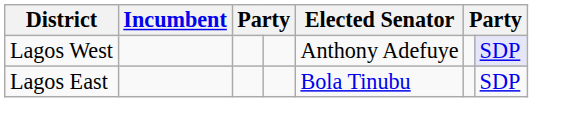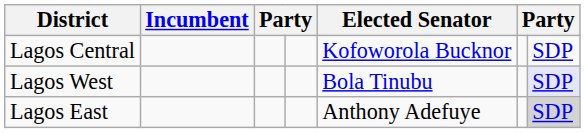 <table class="sortable wikitable" style="font-size:95%;line-height:14px;">
 <tr>
 <th class="unsortable">District</th>
 <th class="unsortable"><a href='#'>Incumbent</a></th>
 <th colspan="2">Party</th>
 <th class="unsortable">Elected Senator</th>
 <th colspan="2">Party</th>
 </tr>
 <tr>
+<td>Lagos Central</td>
+<td></td>
+<td></td>
+<td></td>
+<td><a href='#'>Kofoworola Bucknor</a></td>
+<td style="background:"></td>
+<td><a href='#'>SDP</a></td>
+</tr>
+<tr>
 <td>Lagos West</td>
 <td></td>
 <td></td>
 <td></td>
-<td>Anthony Adefuye</td>
+<td><a href='#'>Bola Tinubu</a></td>
 <td style="background:"></td>
 <td style="background: lavender;"><a href='#'>SDP</a></td>
 </tr>
 <tr>
 <td>Lagos East</td>
 <td></td>
 <td></td>
 <td></td>
-<td><a href='#'>Bola Tinubu</a></td>
+<td>Anthony Adefuye</td>
 <td style="background:"></td>
-<td><a href='#'>SDP</a></td>
+<td style="background: lightgrey;"><a href='#'>SDP</a></td>
 </tr>
 </table>
